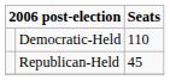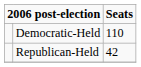 <table class="wikitable">
 <tr>
 <td colspan="2" rowspan="1" align="center" valign="top"><strong>2006 post-election</strong></td>
 <td style="vertical-align:top;"><strong>Seats</strong><br></td>
 </tr>
 <tr>
 <td style="background-color:"> </td>
 <td>Democratic-Held</td>
 <td>110</td>
 </tr>
 <tr>
 <td style="background-color:"> </td>
 <td>Republican-Held</td>
-<td>45</td>
+<td>42</td>
 </tr>
 <tr>
 </tr>
 </table>
